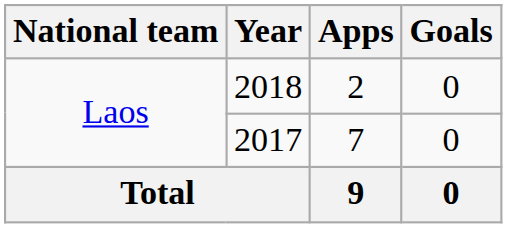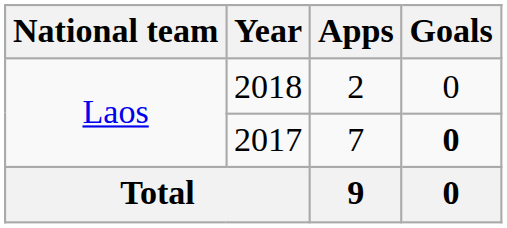 <table class="wikitable" style="text-align:center">
 <tr>
 <th>National team</th>
 <th>Year</th>
 <th>Apps</th>
 <th>Goals</th>
 </tr>
 <tr>
 <td rowspan="2"><a href='#'>Laos</a></td>
 <td>2018</td>
 <td>2</td>
 <td>0</td>
 </tr>
 <tr>
 <td>2017</td>
 <td>7</td>
-<td>0</td>
+<td><strong>0</strong></td>
 </tr>
 <tr>
 <th colspan=2>Total</th>
 <th>9</th>
 <th>0</th>
 </tr>
 </table>
